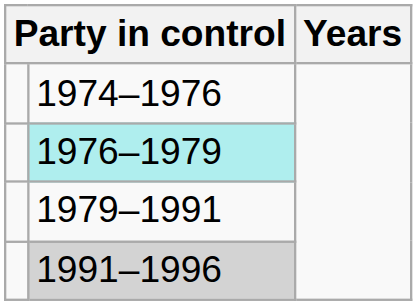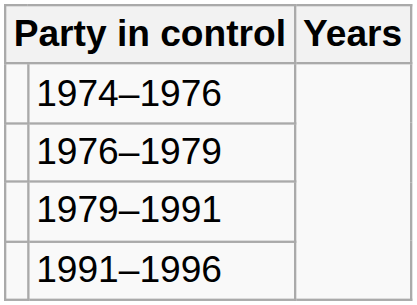 <table class="wikitable">
 <tr>
 <th colspan="2">Party in control</th>
 <th>Years</th>
 </tr>
 <tr>
 <td></td>
 <td>1974–1976</td>
 </tr>
 <tr>
 <td></td>
-<td style="background: paleturquoise;">1976–1979</td>
+<td>1976–1979</td>
 </tr>
 <tr>
 <td></td>
 <td>1979–1991</td>
 </tr>
 <tr>
 <td></td>
-<td style="background: lightgrey;">1991–1996</td>
+<td>1991–1996</td>
 </tr>
 </table>
